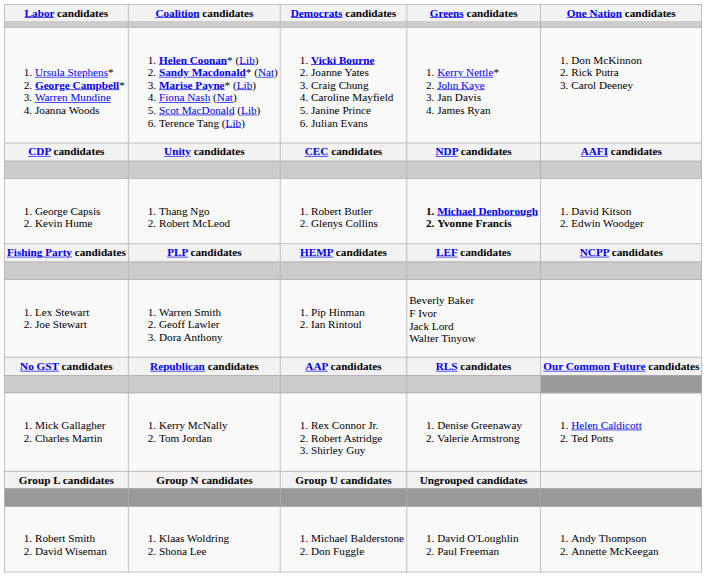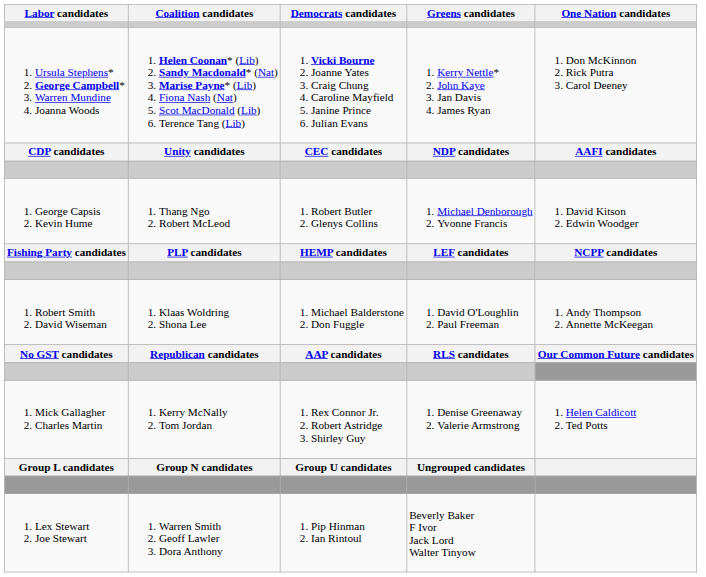 <table class="wikitable">
 <tr>
 <th><a href='#'>Labor</a> candidates</th>
 <th><a href='#'>Coalition</a> candidates</th>
 <th><a href='#'>Democrats</a> candidates</th>
 <th><a href='#'>Greens</a> candidates</th>
 <th><a href='#'>One Nation</a> candidates</th>
 </tr>
 <tr bgcolor="#cccccc">
 <td></td>
 <td></td>
 <td></td>
 <td></td>
 <td></td>
 </tr>
 <tr>
 <td><br><ol><li><a href='#'>Ursula Stephens</a>*</li><li><strong><a href='#'>George Campbell</a></strong>*</li><li><a href='#'>Warren Mundine</a></li><li>Joanna Woods</li></ol></td>
 <td><br><ol><li><strong><a href='#'>Helen Coonan</a></strong>* (<a href='#'>Lib</a>)</li><li><strong><a href='#'>Sandy Macdonald</a></strong>* (<a href='#'>Nat</a>)</li><li><strong><a href='#'>Marise Payne</a></strong>* (<a href='#'>Lib</a>)</li><li><a href='#'>Fiona Nash</a> (<a href='#'>Nat</a>)</li><li><a href='#'>Scot MacDonald</a> (<a href='#'>Lib</a>)</li><li>Terence Tang (<a href='#'>Lib</a>)</li></ol></td>
 <td valign=top><br><ol><li><strong><a href='#'>Vicki Bourne</a></strong></li><li>Joanne Yates</li><li>Craig Chung</li><li>Caroline Mayfield</li><li>Janine Prince</li><li>Julian Evans</li></ol></td>
 <td><br><ol><li><a href='#'>Kerry Nettle</a>*</li><li><a href='#'>John Kaye</a></li><li>Jan Davis</li><li>James Ryan</li></ol></td>
 <td valign=top><br><ol><li>Don McKinnon</li><li>Rick Putra</li><li>Carol Deeney</li></ol></td>
 </tr>
 <tr bgcolor="#cccccc">
 <th><a href='#'>CDP</a> candidates</th>
 <th><a href='#'>Unity</a> candidates</th>
 <th><a href='#'>CEC</a> candidates</th>
 <th><a href='#'>NDP</a> candidates</th>
 <th><a href='#'>AAFI</a> candidates</th>
 </tr>
 <tr bgcolor="#cccccc">
 <td></td>
 <td></td>
 <td></td>
 <td></td>
 <td> </td>
 </tr>
 <tr>
 <td valign=top><br><ol><li>George Capsis</li><li>Kevin Hume</li></ol></td>
 <td valign=top><br><ol><li>Thang Ngo</li><li>Robert McLeod</li></ol></td>
 <td valign=top><br><ol><li>Robert Butler</li><li>Glenys Collins</li></ol></td>
-<td valign=top><strong><br><ol><li><a href='#'>Michael Denborough</a></li><li>Yvonne Francis</li></ol></strong></td>
+<td valign=top><br><ol><li><a href='#'>Michael Denborough</a></li><li>Yvonne Francis</li></ol></td>
 <td valign=top><br><ol><li>David Kitson</li><li>Edwin Woodger</li></ol></td>
 </tr>
 <tr bgcolor="#cccccc">
 <th><a href='#'>Fishing Party</a> candidates</th>
 <th><a href='#'>PLP</a> candidates</th>
 <th><a href='#'>HEMP</a> candidates</th>
 <th><a href='#'>LEF</a> candidates</th>
 <th><a href='#'>NCPP</a> candidates</th>
 </tr>
 <tr bgcolor="#cccccc">
 <td></td>
 <td></td>
 <td></td>
 <td></td>
 <td> </td>
 </tr>
 <tr>
-<td valign=top><br><ol><li>Lex Stewart</li><li>Joe Stewart</li></ol></td>
-<td valign=top><br><ol><li>Warren Smith</li><li>Geoff Lawler</li><li>Dora Anthony</li></ol></td>
-<td valign=top><br><ol><li>Pip Hinman</li><li>Ian Rintoul</li></ol></td>
-<td valign=top><br>Beverly Baker<br> F Ivor<br> Jack Lord<br> Walter Tinyow</td>
-<td valign=top></td>
+<td valign=top><br><ol><li>Robert Smith</li><li>David Wiseman</li></ol></td>
+<td valign=top><br><ol><li>Klaas Woldring</li><li>Shona Lee</li></ol></td>
+<td valign=top><br><ol><li>Michael Balderstone</li><li>Don Fuggle</li></ol></td>
+<td valign=top><br><ol><li>David O'Loughlin</li><li>Paul Freeman</li></ol></td>
+<td valign=top><br><ol><li>Andy Thompson</li><li>Annette McKeegan</li></ol></td>
 </tr>
 <tr bgcolor="#cccccc">
 <th><a href='#'>No GST</a> candidates</th>
 <th><a href='#'>Republican</a> candidates</th>
 <th><a href='#'>AAP</a> candidates</th>
 <th><a href='#'>RLS</a> candidates</th>
 <th><a href='#'>Our Common Future</a> candidates</th>
 </tr>
 <tr bgcolor="#cccccc">
 <td></td>
 <td></td>
 <td></td>
 <td></td>
 <td bgcolor="#999999"> </td>
 </tr>
 <tr>
 <td valign=top><br><ol><li>Mick Gallagher</li><li>Charles Martin</li></ol></td>
 <td valign=top><br><ol><li>Kerry McNally</li><li>Tom Jordan</li></ol></td>
 <td valign=top><br><ol><li>Rex Connor Jr.</li><li>Robert Astridge</li><li>Shirley Guy</li></ol></td>
 <td valign=top><br><ol><li>Denise Greenaway</li><li>Valerie Armstrong</li></ol></td>
 <td valign=top><br><ol><li><a href='#'>Helen Caldicott</a></li><li>Ted Potts</li></ol></td>
 </tr>
 <tr bgcolor="#cccccc">
 <th>Group L candidates</th>
 <th>Group N candidates</th>
 <th>Group U candidates</th>
 <th>Ungrouped candidates</th>
 <th></th>
 </tr>
 <tr bgcolor="#cccccc">
 <td bgcolor="#999999"></td>
 <td bgcolor="#999999"></td>
 <td bgcolor="#999999"></td>
 <td bgcolor="#999999"></td>
 <td bgcolor="#999999"> </td>
 </tr>
 <tr>
-<td valign=top><br><ol><li>Robert Smith</li><li>David Wiseman</li></ol></td>
-<td valign=top><br><ol><li>Klaas Woldring</li><li>Shona Lee</li></ol></td>
-<td valign=top><br><ol><li>Michael Balderstone</li><li>Don Fuggle</li></ol></td>
-<td valign=top><br><ol><li>David O'Loughlin</li><li>Paul Freeman</li></ol></td>
-<td valign=top><br><ol><li>Andy Thompson</li><li>Annette McKeegan</li></ol></td>
+<td valign=top><br><ol><li>Lex Stewart</li><li>Joe Stewart</li></ol></td>
+<td valign=top><br><ol><li>Warren Smith</li><li>Geoff Lawler</li><li>Dora Anthony</li></ol></td>
+<td valign=top><br><ol><li>Pip Hinman</li><li>Ian Rintoul</li></ol></td>
+<td valign=top><br>Beverly Baker<br> F Ivor<br> Jack Lord<br> Walter Tinyow</td>
+<td valign=top></td>
 </tr>
 </table>
